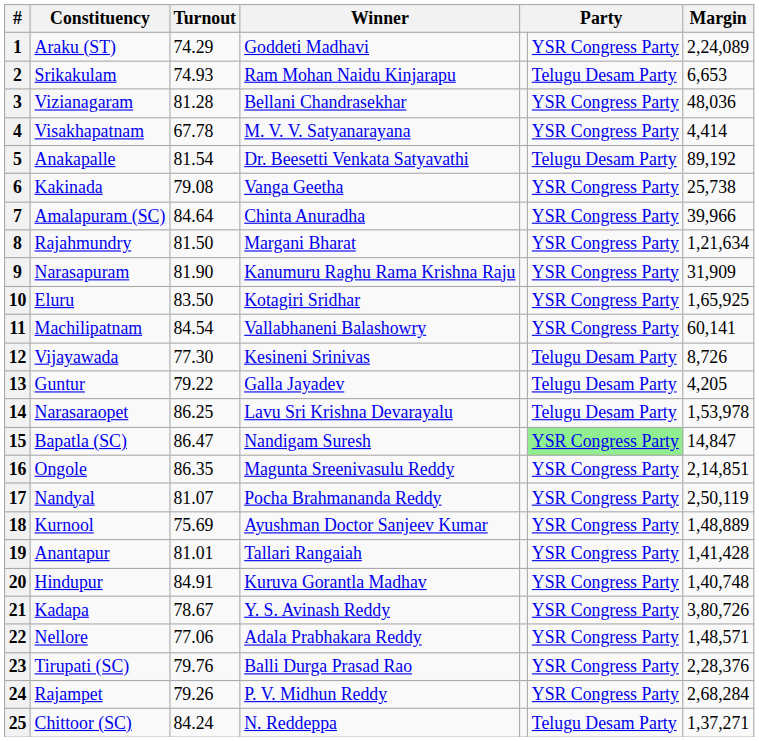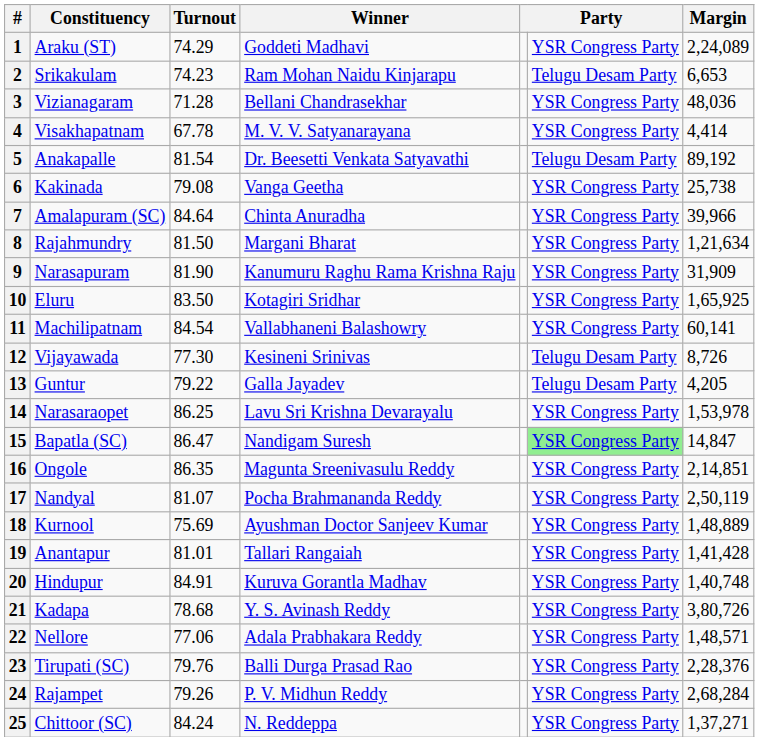 <table class="wikitable sortable">
 <tr>
 <th>#</th>
 <th>Constituency</th>
 <th>Turnout<strong></strong></th>
 <th>Winner</th>
 <th colspan="2">Party</th>
 <th>Margin</th>
 </tr>
 <tr>
 <th>1</th>
 <td><a href='#'>Araku (ST)</a></td>
 <td>74.29 </td>
 <td><a href='#'>Goddeti Madhavi</a></td>
 <td style="background-color: "></td>
 <td><a href='#'>YSR Congress Party</a></td>
 <td>2,24,089</td>
 </tr>
 <tr>
 <th>2</th>
 <td><a href='#'>Srikakulam</a></td>
-<td>74.93 </td>
+<td>74.23 </td>
 <td><a href='#'>Ram Mohan Naidu Kinjarapu</a></td>
 <td style="background-color: "></td>
 <td><a href='#'>Telugu Desam Party</a></td>
 <td>6,653</td>
 </tr>
 <tr>
 <th>3</th>
 <td><a href='#'>Vizianagaram</a></td>
-<td>81.28 </td>
+<td>71.28 </td>
 <td><a href='#'>Bellani Chandrasekhar</a></td>
 <td style="background-color: "></td>
 <td><a href='#'>YSR Congress Party</a></td>
 <td>48,036</td>
 </tr>
 <tr>
 <th>4</th>
 <td><a href='#'>Visakhapatnam</a></td>
 <td>67.78 </td>
 <td><a href='#'>M. V. V. Satyanarayana</a></td>
 <td style="background-color: "></td>
 <td><a href='#'>YSR Congress Party</a></td>
 <td>4,414</td>
 </tr>
 <tr>
 <th>5</th>
 <td><a href='#'>Anakapalle</a></td>
 <td>81.54 </td>
 <td><a href='#'>Dr. Beesetti Venkata Satyavathi</a></td>
 <td style="background-color: "></td>
 <td><a href='#'>Telugu Desam Party</a></td>
 <td>89,192</td>
 </tr>
 <tr>
 <th>6</th>
 <td><a href='#'>Kakinada</a></td>
 <td>79.08 </td>
 <td><a href='#'>Vanga Geetha</a></td>
 <td style="background-color: "></td>
 <td><a href='#'>YSR Congress Party</a></td>
 <td>25,738</td>
 </tr>
 <tr>
 <th>7</th>
 <td><a href='#'>Amalapuram (SC)</a></td>
 <td>84.64 </td>
 <td><a href='#'>Chinta Anuradha</a></td>
 <td style="background-color: "></td>
 <td><a href='#'>YSR Congress Party</a></td>
 <td>39,966</td>
 </tr>
 <tr>
 <th>8</th>
 <td><a href='#'>Rajahmundry</a></td>
 <td>81.50 </td>
 <td><a href='#'>Margani Bharat</a></td>
 <td style="background-color: "></td>
 <td><a href='#'>YSR Congress Party</a></td>
 <td>1,21,634</td>
 </tr>
 <tr>
 <th>9</th>
 <td><a href='#'>Narasapuram</a></td>
 <td>81.90 </td>
 <td><a href='#'>Kanumuru Raghu Rama Krishna Raju</a></td>
 <td style="background-color: "></td>
 <td><a href='#'>YSR Congress Party</a></td>
 <td>31,909</td>
 </tr>
 <tr>
 <th>10</th>
 <td><a href='#'>Eluru</a></td>
 <td>83.50 </td>
 <td><a href='#'>Kotagiri Sridhar</a></td>
 <td style="background-color: "></td>
 <td><a href='#'>YSR Congress Party</a></td>
 <td>1,65,925</td>
 </tr>
 <tr>
 <th>11</th>
 <td><a href='#'>Machilipatnam</a></td>
 <td>84.54 </td>
 <td><a href='#'>Vallabhaneni Balashowry</a></td>
 <td style="background-color: "></td>
 <td><a href='#'>YSR Congress Party</a></td>
 <td>60,141</td>
 </tr>
 <tr>
 <th>12</th>
 <td><a href='#'>Vijayawada</a></td>
 <td>77.30 </td>
 <td><a href='#'>Kesineni Srinivas</a></td>
 <td style="background-color: "></td>
 <td><a href='#'>Telugu Desam Party</a></td>
 <td>8,726</td>
 </tr>
 <tr>
 <th>13</th>
 <td><a href='#'>Guntur</a></td>
 <td>79.22 </td>
 <td><a href='#'>Galla Jayadev</a></td>
 <td style="background-color: "></td>
 <td><a href='#'>Telugu Desam Party</a></td>
 <td>4,205</td>
 </tr>
 <tr>
 <th>14</th>
 <td><a href='#'>Narasaraopet</a></td>
 <td>86.25 </td>
 <td><a href='#'>Lavu Sri Krishna Devarayalu</a></td>
 <td style="background-color: "></td>
-<td><a href='#'>Telugu Desam Party</a></td>
+<td><a href='#'>YSR Congress Party</a></td>
 <td>1,53,978</td>
 </tr>
 <tr>
 <th>15</th>
 <td><a href='#'>Bapatla (SC)</a></td>
 <td>86.47 </td>
 <td><a href='#'>Nandigam Suresh</a></td>
 <td style="background-color: "></td>
 <td style="background: lightgreen;"><a href='#'>YSR Congress Party</a></td>
 <td>14,847</td>
 </tr>
 <tr>
 <th>16</th>
 <td><a href='#'>Ongole</a></td>
 <td>86.35 </td>
 <td><a href='#'>Magunta Sreenivasulu Reddy</a></td>
 <td style="background-color: "></td>
 <td><a href='#'>YSR Congress Party</a></td>
 <td>2,14,851</td>
 </tr>
 <tr>
 <th>17</th>
 <td><a href='#'>Nandyal</a></td>
 <td>81.07 </td>
 <td><a href='#'>Pocha Brahmananda Reddy</a></td>
 <td style="background-color: "></td>
 <td><a href='#'>YSR Congress Party</a></td>
 <td>2,50,119</td>
 </tr>
 <tr>
 <th>18</th>
 <td><a href='#'>Kurnool</a></td>
 <td>75.69 </td>
 <td><a href='#'>Ayushman Doctor Sanjeev Kumar</a></td>
 <td style="background-color: "></td>
 <td><a href='#'>YSR Congress Party</a></td>
 <td>1,48,889</td>
 </tr>
 <tr>
 <th>19</th>
 <td><a href='#'>Anantapur</a></td>
 <td>81.01 </td>
 <td><a href='#'>Tallari Rangaiah</a></td>
 <td style="background-color: "></td>
 <td><a href='#'>YSR Congress Party</a></td>
 <td>1,41,428</td>
 </tr>
 <tr>
 <th>20</th>
 <td><a href='#'>Hindupur</a></td>
 <td>84.91 </td>
 <td><a href='#'>Kuruva Gorantla Madhav</a></td>
 <td style="background-color: "></td>
 <td><a href='#'>YSR Congress Party</a></td>
 <td>1,40,748</td>
 </tr>
 <tr>
 <th>21</th>
 <td><a href='#'>Kadapa</a></td>
-<td>78.67 </td>
+<td>78.68 </td>
 <td><a href='#'>Y. S. Avinash Reddy</a></td>
 <td style="background-color: "></td>
 <td><a href='#'>YSR Congress Party</a></td>
 <td>3,80,726</td>
 </tr>
 <tr>
 <th>22</th>
 <td><a href='#'>Nellore</a></td>
 <td>77.06 </td>
 <td><a href='#'>Adala Prabhakara Reddy</a></td>
 <td style="background-color: "></td>
 <td><a href='#'>YSR Congress Party</a></td>
 <td>1,48,571</td>
 </tr>
 <tr>
 <th>23</th>
 <td><a href='#'>Tirupati (SC)</a></td>
 <td>79.76 </td>
 <td><a href='#'>Balli Durga Prasad Rao</a></td>
 <td style="background-color: "></td>
 <td><a href='#'>YSR Congress Party</a></td>
 <td>2,28,376</td>
 </tr>
 <tr>
 <th>24</th>
 <td><a href='#'>Rajampet</a></td>
 <td>79.26 </td>
 <td><a href='#'>P. V. Midhun Reddy</a></td>
 <td style="background-color: "></td>
 <td><a href='#'>YSR Congress Party</a></td>
 <td>2,68,284</td>
 </tr>
 <tr>
 <th>25</th>
 <td><a href='#'>Chittoor (SC)</a></td>
 <td>84.24 </td>
 <td><a href='#'>N. Reddeppa</a></td>
 <td style="background-color: "></td>
-<td><a href='#'>Telugu Desam Party</a></td>
+<td><a href='#'>YSR Congress Party</a></td>
 <td>1,37,271</td>
 </tr>
 </table>
